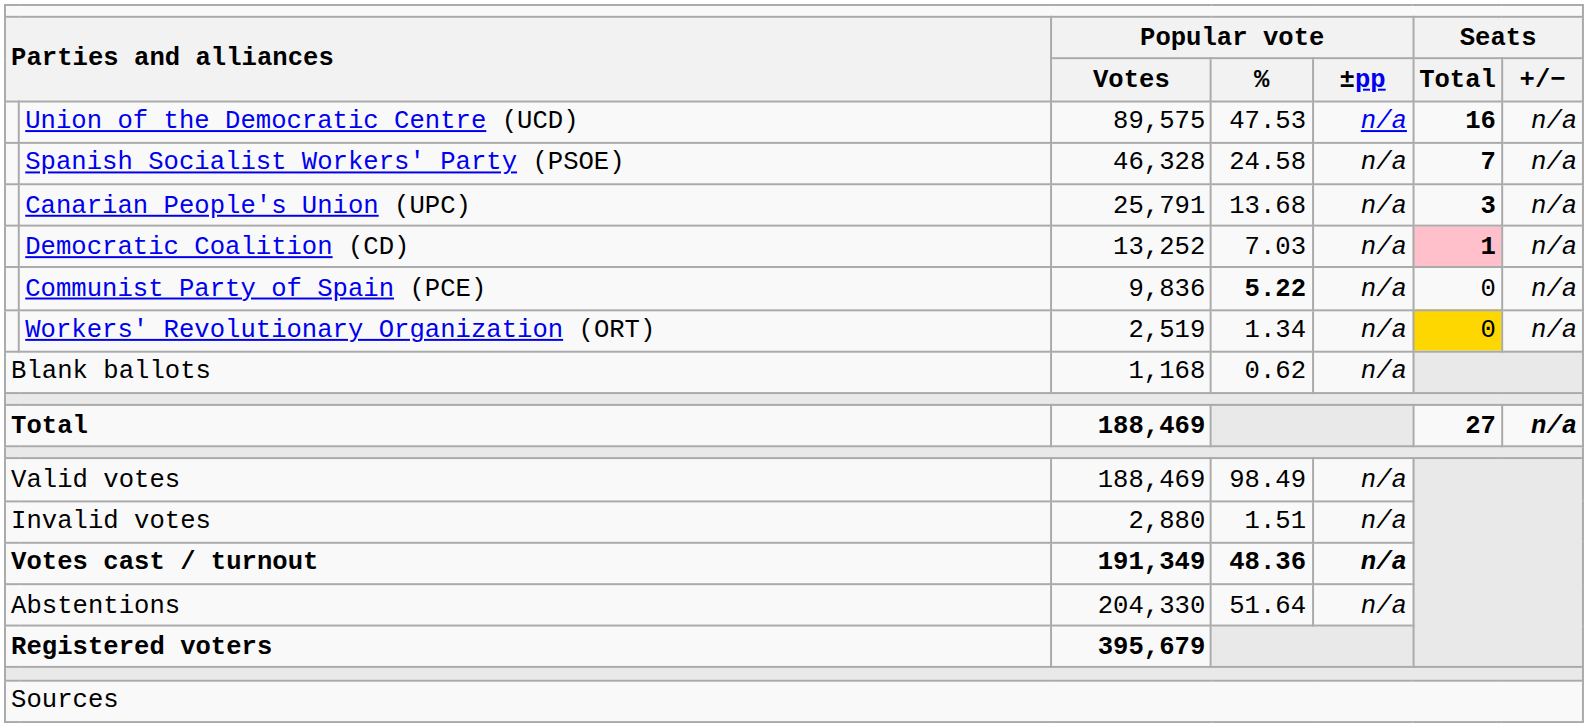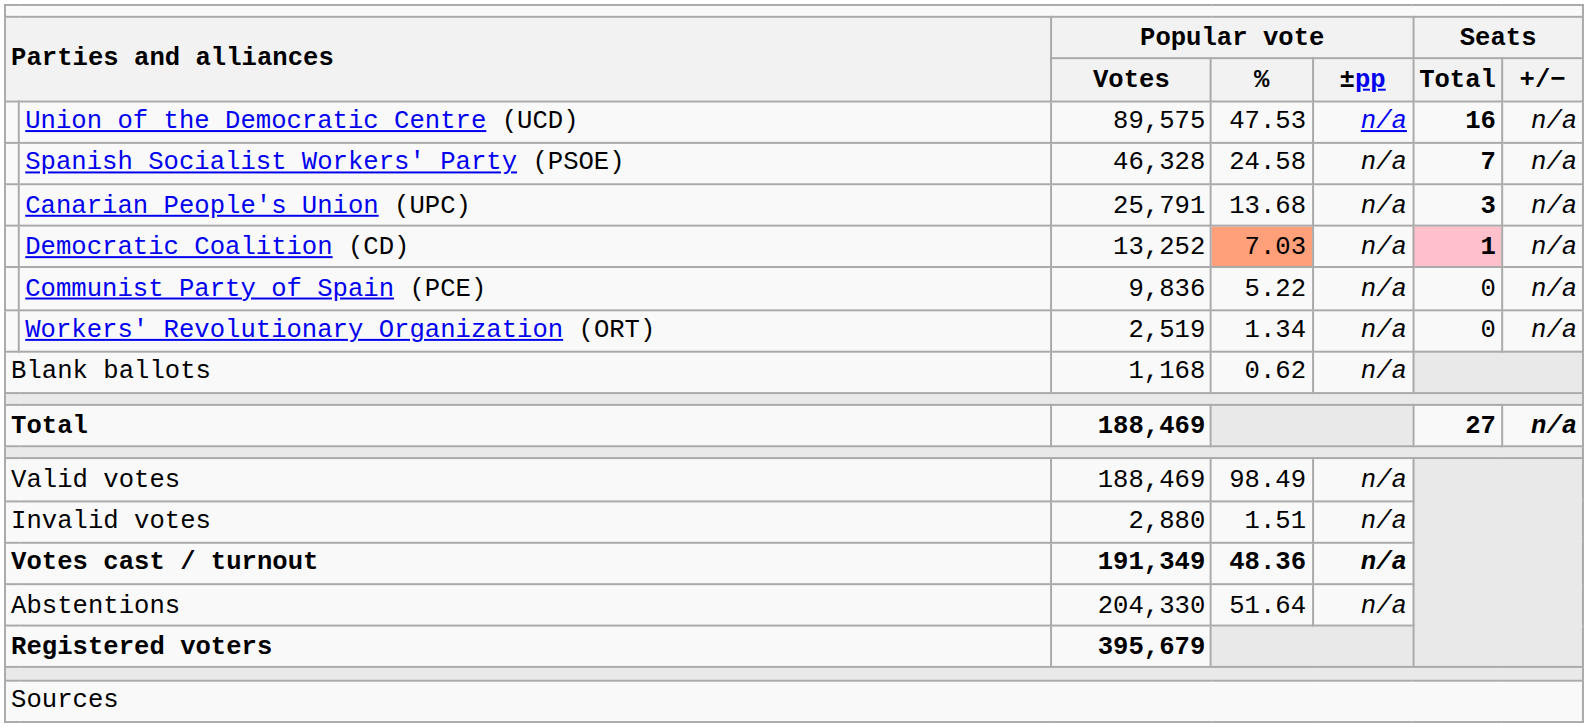 <table class="wikitable" style="text-align:right;">
 <tr>
 <td colspan="7"></td>
 </tr>
 <tr>
 <th style="text-align:left;" rowspan="2" colspan="2" width="525">Parties and alliances</th>
 <th colspan="3">Popular vote</th>
 <th colspan="2">Seats</th>
 </tr>
 <tr>
 <th width="75">Votes</th>
 <th width="45">%</th>
 <th width="45">±<a href='#'>pp</a></th>
 <th width="35">Total</th>
 <th width="35">+/−</th>
 </tr>
 <tr>
 <td width="1" style="color:inherit;background:"></td>
 <td align="left"><a href='#'>Union of the Democratic Centre</a> (UCD)</td>
 <td>89,575</td>
 <td>47.53</td>
 <td><em><a href='#'>n/a</a></em></td>
 <td><strong>16</strong></td>
 <td><em>n/a</em></td>
 </tr>
 <tr>
 <td style="color:inherit;background:"></td>
 <td align="left"><a href='#'>Spanish Socialist Workers' Party</a> (PSOE)</td>
 <td>46,328</td>
 <td>24.58</td>
 <td><em>n/a</em></td>
 <td><strong>7</strong></td>
 <td><em>n/a</em></td>
 </tr>
 <tr>
 <td style="color:inherit;background:"></td>
 <td align="left"><a href='#'>Canarian People's Union</a> (UPC)</td>
 <td>25,791</td>
 <td>13.68</td>
 <td><em>n/a</em></td>
 <td><strong>3</strong></td>
 <td><em>n/a</em></td>
 </tr>
 <tr>
 <td style="color:inherit;background:"></td>
 <td align="left"><a href='#'>Democratic Coalition</a> (CD)</td>
 <td>13,252</td>
-<td>7.03</td>
+<td style="background: lightsalmon;">7.03</td>
 <td><em>n/a</em></td>
 <td style="background: pink;"><strong>1</strong></td>
 <td><em>n/a</em></td>
 </tr>
 <tr>
 <td style="color:inherit;background:"></td>
 <td align="left"><a href='#'>Communist Party of Spain</a> (PCE)</td>
 <td>9,836</td>
-<td><strong>5.22</strong></td>
+<td>5.22</td>
 <td><em>n/a</em></td>
 <td>0</td>
 <td><em>n/a</em></td>
 </tr>
 <tr>
 <td style="color:inherit;background:"></td>
 <td align="left"><a href='#'>Workers' Revolutionary Organization</a> (ORT)</td>
 <td>2,519</td>
 <td>1.34</td>
 <td><em>n/a</em></td>
-<td style="background: gold;">0</td>
+<td>0</td>
 <td><em>n/a</em></td>
 </tr>
 <tr>
 <td align="left" colspan="2">Blank ballots</td>
 <td>1,168</td>
 <td>0.62</td>
 <td><em>n/a</em></td>
 <td bgcolor="#E9E9E9" colspan="2"></td>
 </tr>
 <tr>
 <td colspan="7" bgcolor="#E9E9E9"></td>
 </tr>
 <tr style="font-weight:bold;">
 <td align="left" colspan="2">Total</td>
 <td>188,469</td>
 <td bgcolor="#E9E9E9" colspan="2"></td>
 <td>27</td>
 <td><em>n/a</em></td>
 </tr>
 <tr>
 <td colspan="7" bgcolor="#E9E9E9"></td>
 </tr>
 <tr>
 <td align="left" colspan="2">Valid votes</td>
 <td>188,469</td>
 <td>98.49</td>
 <td><em>n/a</em></td>
 <td bgcolor="#E9E9E9" colspan="2" rowspan="5"></td>
 </tr>
 <tr>
 <td align="left" colspan="2">Invalid votes</td>
 <td>2,880</td>
 <td>1.51</td>
 <td><em>n/a</em></td>
 </tr>
 <tr style="font-weight:bold;">
 <td align="left" colspan="2">Votes cast / turnout</td>
 <td>191,349</td>
 <td>48.36</td>
 <td><em>n/a</em></td>
 </tr>
 <tr>
 <td align="left" colspan="2">Abstentions</td>
 <td>204,330</td>
 <td>51.64</td>
 <td><em>n/a</em></td>
 </tr>
 <tr style="font-weight:bold;">
 <td align="left" colspan="2">Registered voters</td>
 <td>395,679</td>
 <td bgcolor="#E9E9E9" colspan="2"></td>
 </tr>
 <tr>
 <td colspan="7" bgcolor="#E9E9E9"></td>
 </tr>
 <tr>
 <td align="left" colspan="7">Sources</td>
 </tr>
 </table>
